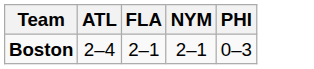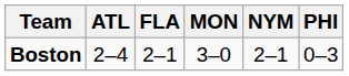 <table class="wikitable" style="text-align:center; font-size: 95%;">
 <tr>
 <th>Team</th>
 <th><strong>ATL</strong></th>
 <th><strong>FLA</strong></th>
+<th><strong>MON</strong></th>
 <th><strong>NYM</strong></th>
 <th><strong>PHI</strong></th>
 </tr>
 <tr>
 <td><strong>Boston</strong></td>
 <td>2–4</td>
 <td>2–1</td>
+<td>3–0</td>
 <td>2–1</td>
 <td>0–3</td>
 </tr>
 </table>
